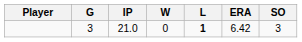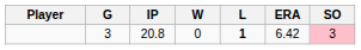 <table class="wikitable sortable">
 <tr>
 <th bgcolor="#DDDDFF" width="16%">Player</th>
 <th bgcolor="#DDDDFF" width="9%">G</th>
 <th bgcolor="#DDDDFF" width="9%">IP</th>
 <th bgcolor="#DDDDFF" width="9%">W</th>
 <th bgcolor="#DDDDFF" width="9%">L</th>
 <th bgcolor="#DDDDFF" width="9%">ERA</th>
 <th bgcolor="#DDDDFF" width="9%">SO</th>
 </tr>
 <tr align="center">
 <td></td>
 <td>3</td>
-<td>21.0</td>
+<td>20.8</td>
 <td>0</td>
 <td><strong>1</strong></td>
 <td>6.42</td>
-<td>3</td>
+<td style="background: pink;">3</td>
 </tr>
 </table>
